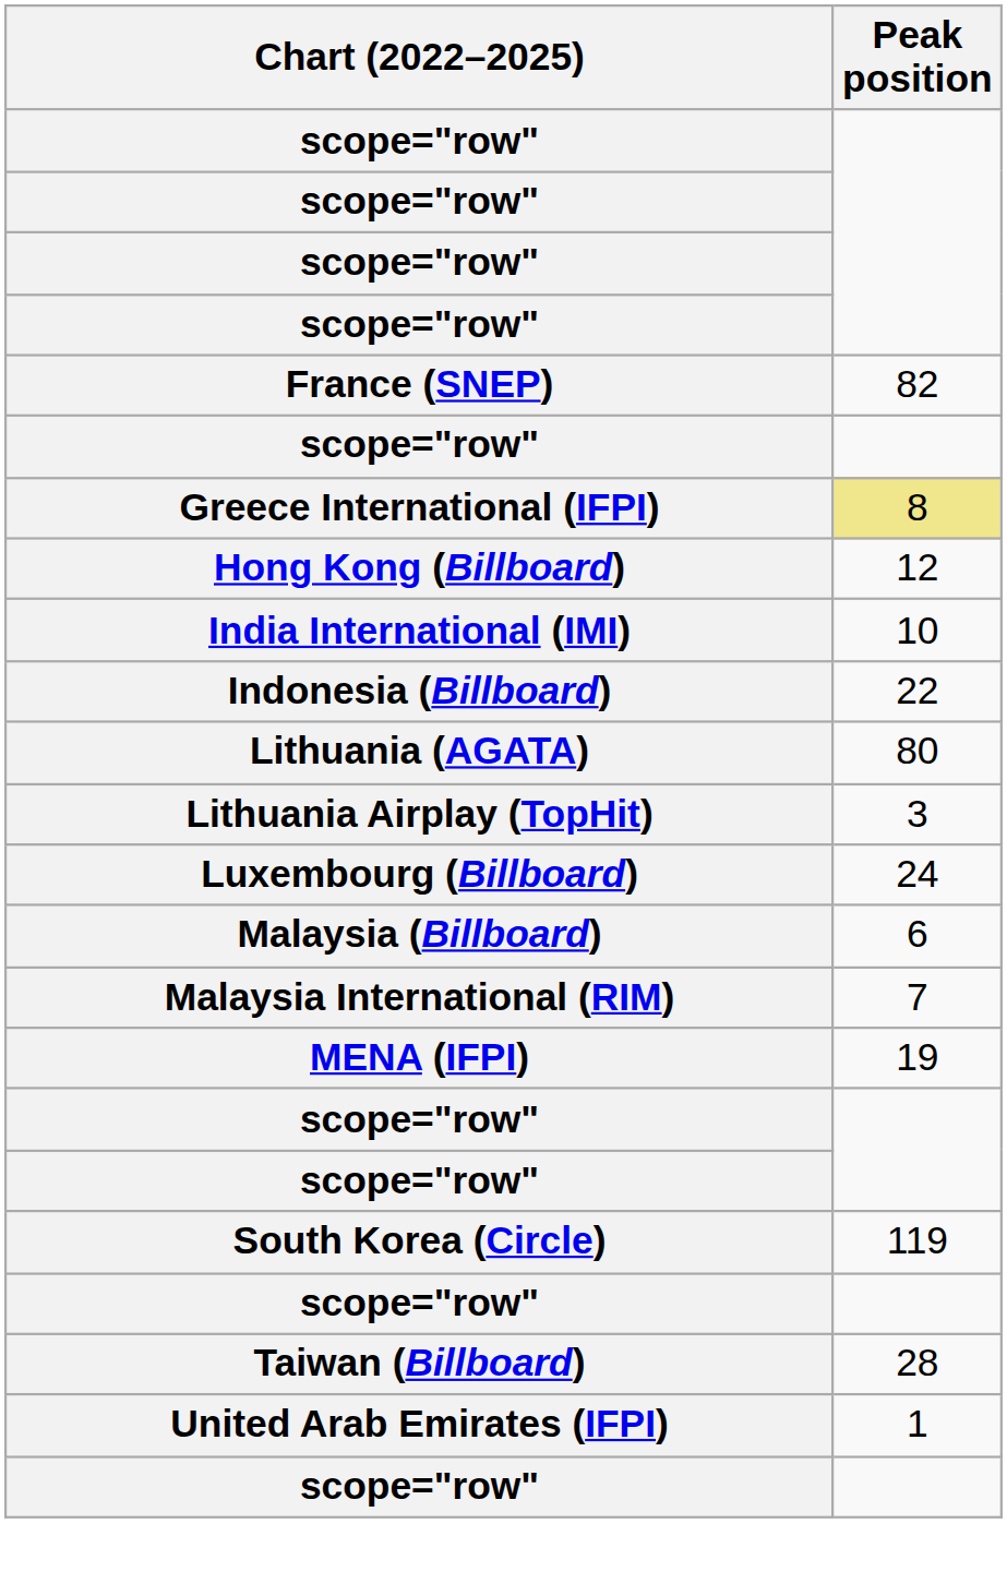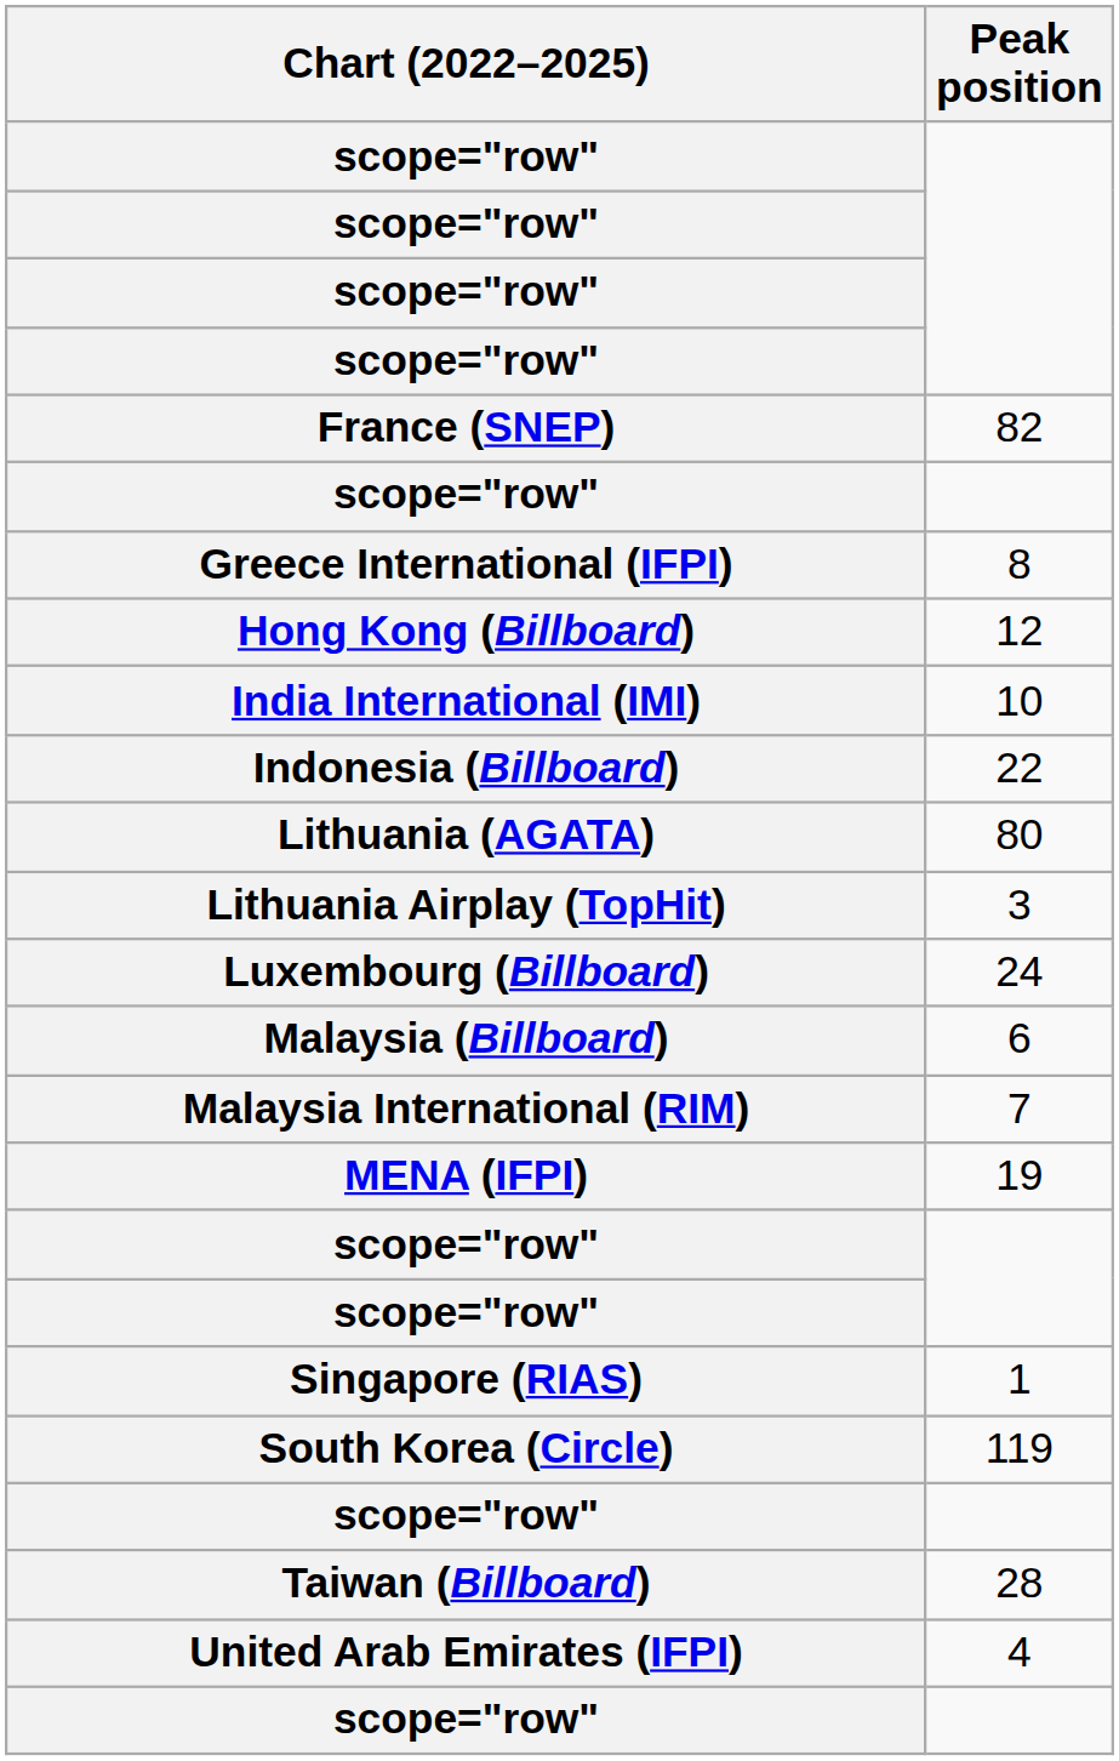 <table class="wikitable sortable plainrowheaders" style="text-align:center">
 <tr>
 <th scope="col" style="width:21em;">Chart (2022–2025)</th>
 <th scope="col">Peak<br>position</th>
 </tr>
 <tr>
 <th>scope="row" </th>
 </tr>
 <tr>
 <th>scope="row" </th>
 </tr>
 <tr>
 <th>scope="row" </th>
 </tr>
 <tr>
 <th>scope="row" </th>
 </tr>
 <tr>
 <th scope="row">France (<a href='#'>SNEP</a>)</th>
 <td>82</td>
 </tr>
 <tr>
 <th>scope="row" </th>
 </tr>
 <tr>
 <th scope="row">Greece International (<a href='#'>IFPI</a>)</th>
-<td style="background: khaki;">8</td>
+<td>8</td>
 </tr>
 <tr>
 <th scope="row"><a href='#'>Hong Kong</a> (<em><a href='#'>Billboard</a></em>)</th>
 <td>12</td>
 </tr>
 <tr>
 <th scope="row"><a href='#'>India International</a> (<a href='#'>IMI</a>)</th>
 <td>10</td>
 </tr>
 <tr>
 <th scope="row">Indonesia (<em><a href='#'>Billboard</a></em>)</th>
 <td>22</td>
 </tr>
 <tr>
 <th scope="row">Lithuania (<a href='#'>AGATA</a>)</th>
 <td>80</td>
 </tr>
 <tr>
 <th scope="row">Lithuania Airplay (<a href='#'>TopHit</a>)</th>
 <td>3</td>
 </tr>
 <tr>
 <th scope="row">Luxembourg (<em><a href='#'>Billboard</a></em>)</th>
 <td>24</td>
 </tr>
 <tr>
 <th scope="row">Malaysia (<em><a href='#'>Billboard</a></em>)</th>
 <td>6</td>
 </tr>
 <tr>
 <th scope="row">Malaysia International (<a href='#'>RIM</a>)</th>
 <td>7</td>
 </tr>
 <tr>
 <th scope="row"><a href='#'>MENA</a> (<a href='#'>IFPI</a>)</th>
 <td>19</td>
 </tr>
 <tr>
 <th>scope="row" </th>
 </tr>
 <tr>
 <th>scope="row" </th>
 </tr>
 <tr>
+<th scope="row">Singapore (<a href='#'>RIAS</a>)</th>
+<td>1</td>
+</tr>
+<tr>
 <th scope="row">South Korea (<a href='#'>Circle</a>)</th>
 <td>119</td>
 </tr>
 <tr>
 <th>scope="row" </th>
 </tr>
 <tr>
 <th scope="row">Taiwan (<em><a href='#'>Billboard</a></em>)</th>
 <td>28</td>
 </tr>
 <tr>
 <th scope="row">United Arab Emirates (<a href='#'>IFPI</a>)</th>
-<td>1</td>
+<td>4</td>
 </tr>
 <tr>
 <th>scope="row" </th>
 </tr>
 </table>
